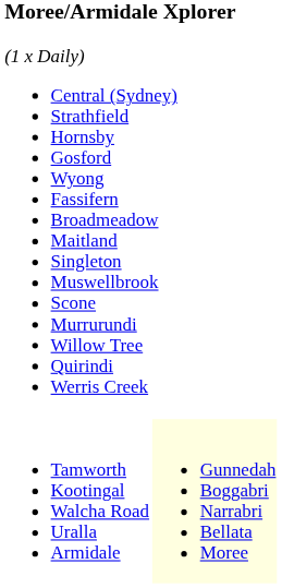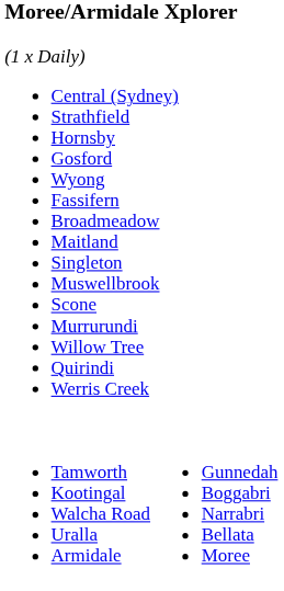 <table>
 <tr>
 <td colspan=2><br><h3>Moree/Armidale Xplorer</h3><em>(1 x Daily)</em><ul><li><a href='#'>Central (Sydney)</a></li><li><a href='#'>Strathfield</a></li><li><a href='#'>Hornsby</a></li><li><a href='#'>Gosford</a></li><li><a href='#'>Wyong</a></li><li><a href='#'>Fassifern</a></li><li><a href='#'>Broadmeadow</a></li><li><a href='#'>Maitland</a></li><li><a href='#'>Singleton</a></li><li><a href='#'>Muswellbrook</a></li><li><a href='#'>Scone</a></li><li><a href='#'>Murrurundi</a></li><li><a href='#'>Willow Tree</a></li><li><a href='#'>Quirindi</a></li><li><a href='#'>Werris Creek</a></li></ul></td>
 </tr>
 <tr style="vertical-align:top">
 <td><br><ul><li><a href='#'>Tamworth</a></li><li><a href='#'>Kootingal</a></li><li><a href='#'>Walcha Road</a></li><li><a href='#'>Uralla</a></li><li><a href='#'>Armidale</a></li></ul></td>
-<td style="background: lightyellow;"><br><ul><li><a href='#'>Gunnedah</a></li><li><a href='#'>Boggabri</a></li><li><a href='#'>Narrabri</a></li><li><a href='#'>Bellata</a></li><li><a href='#'>Moree</a></li></ul></td>
+<td><br><ul><li><a href='#'>Gunnedah</a></li><li><a href='#'>Boggabri</a></li><li><a href='#'>Narrabri</a></li><li><a href='#'>Bellata</a></li><li><a href='#'>Moree</a></li></ul></td>
 </tr>
 </table>
